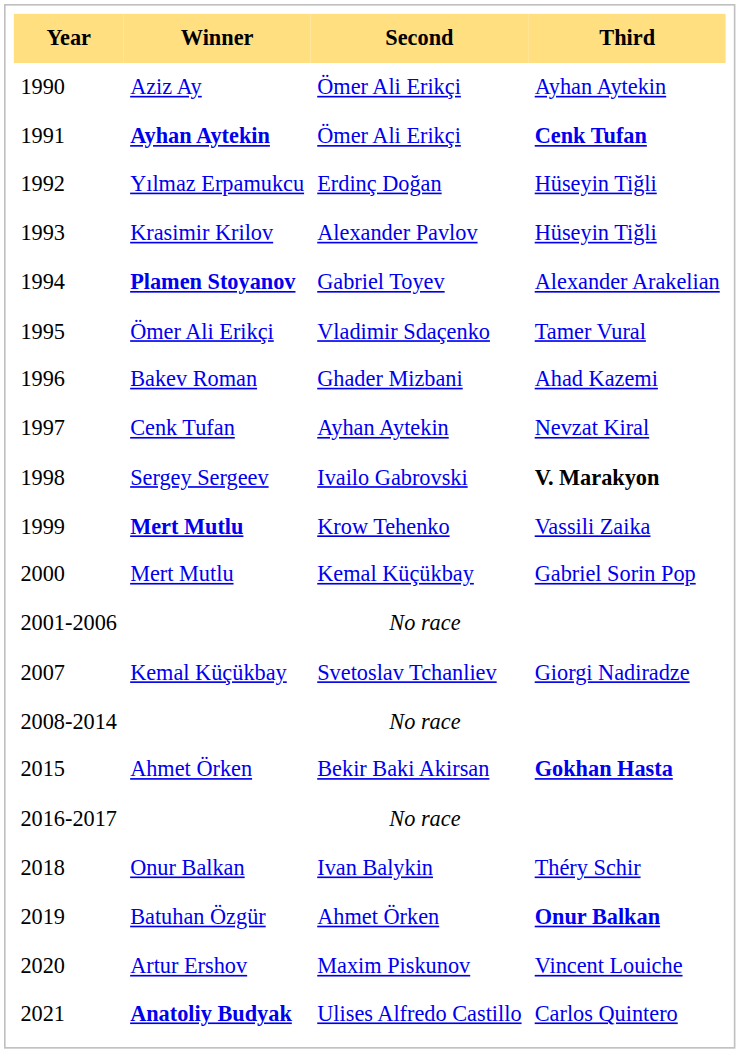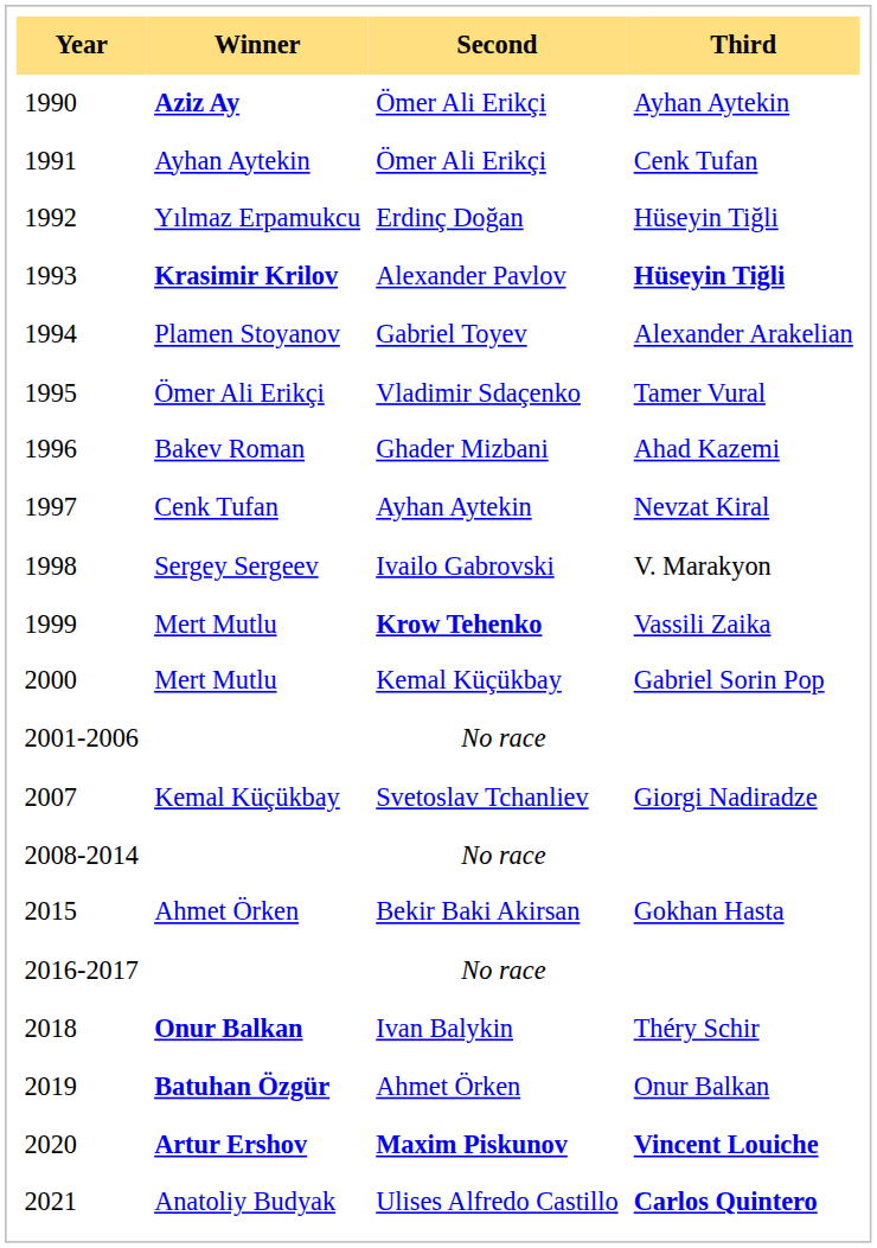 <table cellpadding="4" cellspacing="0"  style="border: 1px solid silver; color: black; margin: 0 0 0.5em 0; background-color: white; padding: 5px; text-align: left; font-size:85%; vertical-align: top; line-height:1.6em;">
 <tr>
 <th scope=col; align="center" bgcolor="FFDF80">Year</th>
 <th scope=col; align="center" bgcolor="FFDF80">Winner</th>
 <th scope=col; align="center" bgcolor="FFDF80">Second</th>
 <th scope=col; align="center" bgcolor="FFDF80">Third</th>
 </tr>
 <tr>
 <td>1990</td>
-<td> <a href='#'>Aziz Ay</a></td>
+<td><strong> <a href='#'>Aziz Ay</a></strong></td>
 <td> <a href='#'>Ömer Ali Erikçi</a></td>
 <td> <a href='#'>Ayhan Aytekin</a></td>
 </tr>
 <tr>
 <td>1991</td>
-<td><strong> <a href='#'>Ayhan Aytekin</a></strong></td>
+<td> <a href='#'>Ayhan Aytekin</a></td>
 <td> <a href='#'>Ömer Ali Erikçi</a></td>
-<td><strong> <a href='#'>Cenk Tufan</a></strong></td>
+<td> <a href='#'>Cenk Tufan</a></td>
 </tr>
 <tr>
 <td>1992</td>
 <td> <a href='#'>Yılmaz Erpamukcu</a></td>
 <td> <a href='#'>Erdinç Doğan</a></td>
 <td> <a href='#'>Hüseyin Tiğli</a></td>
 </tr>
 <tr>
 <td>1993</td>
-<td> <a href='#'>Krasimir Krilov</a></td>
+<td><strong> <a href='#'>Krasimir Krilov</a></strong></td>
 <td> <a href='#'>Alexander Pavlov</a></td>
-<td> <a href='#'>Hüseyin Tiğli</a></td>
+<td><strong> <a href='#'>Hüseyin Tiğli</a></strong></td>
 </tr>
 <tr>
 <td>1994</td>
-<td><strong> <a href='#'>Plamen Stoyanov</a></strong></td>
+<td> <a href='#'>Plamen Stoyanov</a></td>
 <td> <a href='#'>Gabriel Toyev</a></td>
 <td> <a href='#'>Alexander Arakelian</a></td>
 </tr>
 <tr>
 <td>1995</td>
 <td> <a href='#'>Ömer Ali Erikçi</a></td>
 <td> <a href='#'>Vladimir Sdaçenko</a></td>
 <td> <a href='#'>Tamer Vural</a></td>
 </tr>
 <tr>
 <td>1996</td>
 <td> <a href='#'>Bakev Roman</a></td>
 <td> <a href='#'>Ghader Mizbani</a></td>
 <td> <a href='#'>Ahad Kazemi</a></td>
 </tr>
 <tr>
 <td>1997</td>
 <td> <a href='#'>Cenk Tufan</a></td>
 <td> <a href='#'>Ayhan Aytekin</a></td>
 <td> <a href='#'>Nevzat Kiral</a></td>
 </tr>
 <tr>
 <td>1998</td>
 <td> <a href='#'>Sergey Sergeev</a></td>
 <td> <a href='#'>Ivailo Gabrovski</a></td>
-<td><strong> V. Marakyon</strong></td>
+<td> V. Marakyon</td>
 </tr>
 <tr>
 <td>1999</td>
-<td><strong> <a href='#'>Mert Mutlu</a></strong></td>
-<td> <a href='#'>Krow Tehenko</a></td>
+<td> <a href='#'>Mert Mutlu</a></td>
+<td><strong> <a href='#'>Krow Tehenko</a></strong></td>
 <td> <a href='#'>Vassili Zaika</a></td>
 </tr>
 <tr>
 <td>2000</td>
 <td> <a href='#'>Mert Mutlu</a></td>
 <td> <a href='#'>Kemal Küçükbay</a></td>
 <td> <a href='#'>Gabriel Sorin Pop</a></td>
 </tr>
 <tr>
 <td>2001-2006</td>
 <td colspan=3 align="center"><em>No race</em></td>
 </tr>
 <tr>
 <td>2007</td>
 <td> <a href='#'>Kemal Küçükbay</a></td>
 <td> <a href='#'>Svetoslav Tchanliev</a></td>
 <td> <a href='#'>Giorgi Nadiradze</a></td>
 </tr>
 <tr>
 <td>2008-2014</td>
 <td colspan=3 align="center"><em>No race</em></td>
 </tr>
 <tr>
 <td>2015</td>
 <td> <a href='#'>Ahmet Örken</a></td>
 <td> <a href='#'>Bekir Baki Akirsan</a></td>
-<td><strong> <a href='#'>Gokhan Hasta</a></strong></td>
+<td> <a href='#'>Gokhan Hasta</a></td>
 </tr>
 <tr>
 <td>2016-2017</td>
 <td colspan=3 align="center"><em>No race</em></td>
 </tr>
 <tr>
 <td>2018</td>
-<td> <a href='#'>Onur Balkan</a></td>
+<td><strong> <a href='#'>Onur Balkan</a></strong></td>
 <td> <a href='#'>Ivan Balykin</a></td>
 <td> <a href='#'>Théry Schir</a></td>
 </tr>
 <tr>
 <td>2019</td>
-<td> <a href='#'>Batuhan Özgür</a></td>
+<td><strong> <a href='#'>Batuhan Özgür</a></strong></td>
 <td> <a href='#'>Ahmet Örken</a></td>
-<td><strong> <a href='#'>Onur Balkan</a></strong></td>
+<td> <a href='#'>Onur Balkan</a></td>
 </tr>
 <tr>
 <td>2020</td>
-<td> <a href='#'>Artur Ershov</a></td>
-<td> <a href='#'>Maxim Piskunov</a></td>
-<td> <a href='#'>Vincent Louiche</a></td>
+<td><strong> <a href='#'>Artur Ershov</a></strong></td>
+<td><strong> <a href='#'>Maxim Piskunov</a></strong></td>
+<td><strong> <a href='#'>Vincent Louiche</a></strong></td>
 </tr>
 <tr>
 <td>2021</td>
-<td><strong> <a href='#'>Anatoliy Budyak</a></strong></td>
+<td> <a href='#'>Anatoliy Budyak</a></td>
 <td> <a href='#'>Ulises Alfredo Castillo</a></td>
-<td> <a href='#'>Carlos Quintero</a></td>
+<td><strong> <a href='#'>Carlos Quintero</a></strong></td>
 </tr>
 </table>
